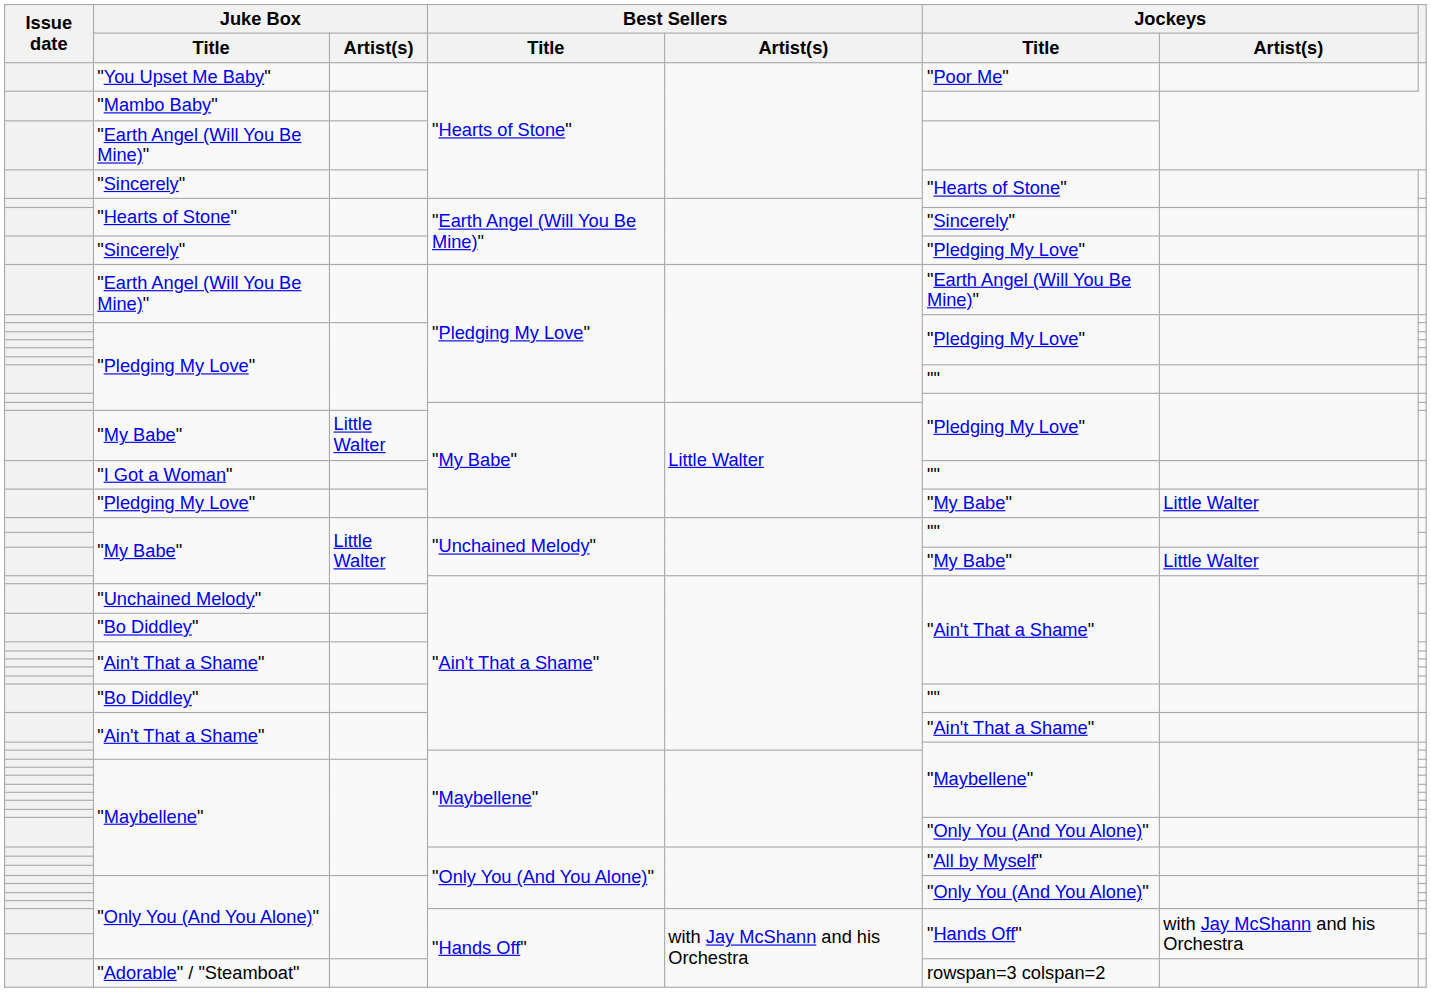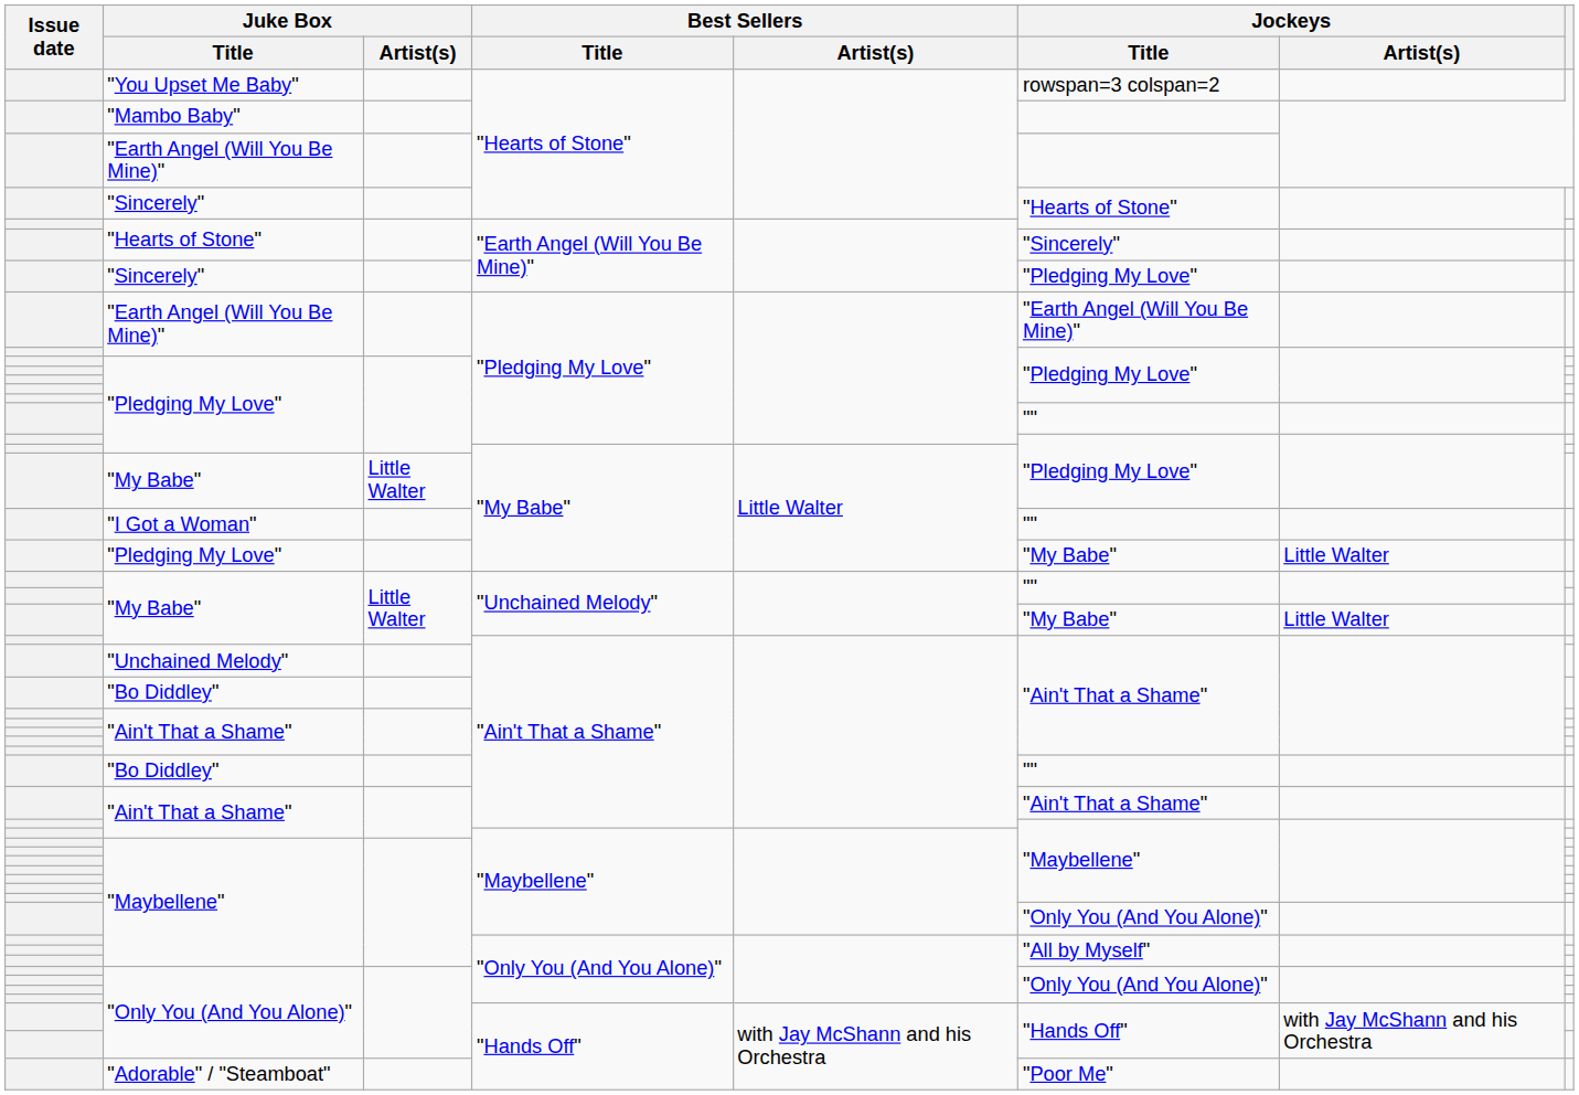 <table class="wikitable sortable plainrowheaders">
 <tr>
 <th scope=col rowspan=2>Issue date</th>
 <th scope=colgroup colspan=2>Juke Box</th>
 <th scope=colgroup colspan=2>Best Sellers</th>
 <th scope=colgroup colspan=2>Jockeys</th>
 <th scope=col rowspan=2 class=unsortable></th>
 </tr>
 <tr>
 <th scope=col>Title</th>
 <th scope=col>Artist(s)</th>
 <th scope=col>Title</th>
 <th scope=col>Artist(s)</th>
 <th scope=col>Title</th>
 <th scope=col>Artist(s)</th>
 </tr>
 <tr>
 <th scope=row></th>
 <td>"<a href='#'>You Upset Me Baby</a>"</td>
 <td></td>
 <td rowspan=4>"<a href='#'>Hearts of Stone</a>"</td>
 <td rowspan=4></td>
-<td>"<a href='#'>Poor Me</a>"</td>
+<td>rowspan=3 colspan=2 </td>
 <td align=center></td>
 </tr>
 <tr>
 <th scope=row></th>
 <td>"<a href='#'>Mambo Baby</a>"</td>
 <td></td>
 <td align=center></td>
 </tr>
 <tr>
 <th scope=row></th>
 <td>"<a href='#'>Earth Angel (Will You Be Mine)</a>"</td>
 <td></td>
 <td align=center></td>
 </tr>
 <tr>
 <th scope=row></th>
 <td>"<a href='#'>Sincerely</a>"</td>
 <td></td>
 <td rowspan=2>"<a href='#'>Hearts of Stone</a>"</td>
 <td rowspan=2></td>
 <td align=center></td>
 </tr>
 <tr>
 <th scope=row></th>
 <td rowspan=2>"<a href='#'>Hearts of Stone</a>"</td>
 <td rowspan=2></td>
 <td rowspan=3>"<a href='#'>Earth Angel (Will You Be Mine)</a>"</td>
 <td rowspan=3></td>
 <td align=center></td>
 </tr>
 <tr>
 <th scope=row></th>
 <td>"<a href='#'>Sincerely</a>"</td>
 <td></td>
 <td align=center></td>
 </tr>
 <tr>
 <th scope=row></th>
 <td>"<a href='#'>Sincerely</a>"</td>
 <td></td>
 <td>"<a href='#'>Pledging My Love</a>"</td>
 <td></td>
 <td align=center></td>
 </tr>
 <tr>
 <th scope=row></th>
 <td rowspan=2>"<a href='#'>Earth Angel (Will You Be Mine)</a>"</td>
 <td rowspan=2></td>
 <td rowspan=9>"<a href='#'>Pledging My Love</a>"</td>
 <td rowspan=9></td>
 <td>"<a href='#'>Earth Angel (Will You Be Mine)</a>"</td>
 <td></td>
 <td align=center></td>
 </tr>
 <tr>
 <th scope=row></th>
 <td rowspan=6>"<a href='#'>Pledging My Love</a>"</td>
 <td rowspan=6></td>
 <td align=center></td>
 </tr>
 <tr>
 <th scope=row></th>
 <td rowspan=8>"<a href='#'>Pledging My Love</a>"</td>
 <td rowspan=8></td>
 <td align=center></td>
 </tr>
 <tr>
 <th scope=row></th>
 <td align=center></td>
 </tr>
 <tr>
 <th scope=row></th>
 <td align=center></td>
 </tr>
 <tr>
 <th scope=row></th>
 <td align=center></td>
 </tr>
 <tr>
 <th scope=row></th>
 <td align=center></td>
 </tr>
 <tr>
 <th scope=row></th>
 <td>""</td>
 <td></td>
 <td align=center></td>
 </tr>
 <tr>
 <th scope=row></th>
 <td rowspan=3>"<a href='#'>Pledging My Love</a>"</td>
 <td rowspan=3></td>
 <td align=center></td>
 </tr>
 <tr>
 <th scope=row></th>
 <td rowspan=4>"<a href='#'>My Babe</a>"</td>
 <td rowspan=4><a href='#'>Little Walter</a></td>
 <td align=center></td>
 </tr>
 <tr>
 <th scope=row></th>
 <td>"<a href='#'>My Babe</a>"</td>
 <td><a href='#'>Little Walter</a></td>
 <td align=center></td>
 </tr>
 <tr>
 <th scope=row></th>
 <td>"<a href='#'>I Got a Woman</a>"</td>
 <td></td>
 <td>""</td>
 <td></td>
 <td align=center></td>
 </tr>
 <tr>
 <th scope=row></th>
 <td>"<a href='#'>Pledging My Love</a>"</td>
 <td></td>
 <td>"<a href='#'>My Babe</a>"</td>
 <td><a href='#'>Little Walter</a></td>
 <td align=center></td>
 </tr>
 <tr>
 <th scope=row></th>
 <td rowspan=4>"<a href='#'>My Babe</a>"</td>
 <td rowspan=4><a href='#'>Little Walter</a></td>
 <td rowspan=3>"<a href='#'>Unchained Melody</a>"</td>
 <td rowspan=3></td>
 <td rowspan=2>""</td>
 <td rowspan=2></td>
 <td align=center></td>
 </tr>
 <tr>
 <th scope=row></th>
 <td align=center></td>
 </tr>
 <tr>
 <th scope=row></th>
 <td>"<a href='#'>My Babe</a>"</td>
 <td><a href='#'>Little Walter</a></td>
 <td align=center></td>
 </tr>
 <tr>
 <th scope=row></th>
 <td rowspan=11>"<a href='#'>Ain't That a Shame</a>"</td>
 <td rowspan=11></td>
 <td rowspan=8>"<a href='#'>Ain't That a Shame</a>"</td>
 <td rowspan=8></td>
 <td align=center></td>
 </tr>
 <tr>
 <th scope=row></th>
 <td>"<a href='#'>Unchained Melody</a>"</td>
 <td></td>
 <td align=center></td>
 </tr>
 <tr>
 <th scope=row></th>
 <td>"<a href='#'>Bo Diddley</a>"</td>
 <td></td>
 <td align=center></td>
 </tr>
 <tr>
 <th scope=row></th>
 <td rowspan=5>"<a href='#'>Ain't That a Shame</a>"</td>
 <td rowspan=5></td>
 <td align=center></td>
 </tr>
 <tr>
 <th scope=row></th>
 <td align=center></td>
 </tr>
 <tr>
 <th scope=row></th>
 <td align=center></td>
 </tr>
 <tr>
 <th scope=row></th>
 <td align=center></td>
 </tr>
 <tr>
 <th scope=row></th>
 <td align=center></td>
 </tr>
 <tr>
 <th scope=row></th>
 <td>"<a href='#'>Bo Diddley</a>"</td>
 <td></td>
 <td>""</td>
 <td></td>
 <td align=center></td>
 </tr>
 <tr>
 <th scope=row></th>
 <td rowspan=3>"<a href='#'>Ain't That a Shame</a>"</td>
 <td rowspan=3></td>
 <td rowspan=1>"<a href='#'>Ain't That a Shame</a>"</td>
 <td rowspan=1></td>
 <td align=center></td>
 </tr>
 <tr>
 <th scope=row></th>
 <td rowspan=9>"<a href='#'>Maybellene</a>"</td>
 <td rowspan=9></td>
 <td align=center></td>
 </tr>
 <tr>
 <th scope=row></th>
 <td rowspan=9>"<a href='#'>Maybellene</a>"</td>
 <td rowspan=9></td>
 <td align=center></td>
 </tr>
 <tr>
 <th scope=row></th>
 <td rowspan=11>"<a href='#'>Maybellene</a>"</td>
 <td rowspan=11></td>
 <td align=center></td>
 </tr>
 <tr>
 <th scope=row></th>
 <td align=center></td>
 </tr>
 <tr>
 <th scope=row></th>
 <td align=center></td>
 </tr>
 <tr>
 <th scope=row></th>
 <td align=center></td>
 </tr>
 <tr>
 <th scope=row></th>
 <td align=center></td>
 </tr>
 <tr>
 <th scope=row></th>
 <td align=center></td>
 </tr>
 <tr>
 <th scope=row></th>
 <td align=center></td>
 </tr>
 <tr>
 <th scope=row></th>
 <td>"<a href='#'>Only You (And You Alone)</a>"</td>
 <td></td>
 <td align=center></td>
 </tr>
 <tr>
 <th scope=row></th>
 <td rowspan=7>"<a href='#'>Only You (And You Alone)</a>"</td>
 <td rowspan=7></td>
 <td rowspan=3>"<a href='#'>All by Myself</a>"</td>
 <td rowspan=3></td>
 <td align=center></td>
 </tr>
 <tr>
 <th scope=row></th>
 <td align=center></td>
 </tr>
 <tr>
 <th scope=row></th>
 <td align=center></td>
 </tr>
 <tr>
 <th scope=row></th>
 <td rowspan=6>"<a href='#'>Only You (And You Alone)</a>"</td>
 <td rowspan=6></td>
 <td rowspan=4>"<a href='#'>Only You (And You Alone)</a>"</td>
 <td rowspan=4></td>
 <td align=center></td>
 </tr>
 <tr>
 <th scope=row></th>
 <td align=center></td>
 </tr>
 <tr>
 <th scope=row></th>
 <td align=center></td>
 </tr>
 <tr>
 <th scope=row></th>
 <td align=center></td>
 </tr>
 <tr>
 <th scope=row></th>
 <td rowspan=3>"<a href='#'>Hands Off</a>"</td>
 <td rowspan=3> with <a href='#'>Jay McShann</a> and his Orchestra</td>
 <td rowspan=2>"<a href='#'>Hands Off</a>"</td>
 <td rowspan=2> with <a href='#'>Jay McShann</a> and his Orchestra</td>
 <td align=center></td>
 </tr>
 <tr>
 <th scope=row></th>
 <td align=center></td>
 </tr>
 <tr>
 <th scope=row></th>
 <td>"<a href='#'>Adorable</a>" / "Steamboat"</td>
 <td></td>
-<td>rowspan=3 colspan=2 </td>
+<td>"<a href='#'>Poor Me</a>"</td>
 <td></td>
 <td align=center></td>
 </tr>
 </table>
